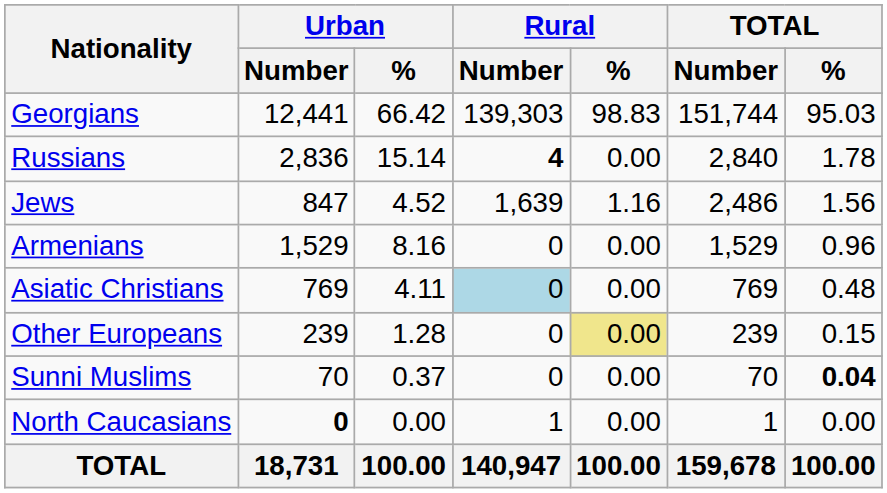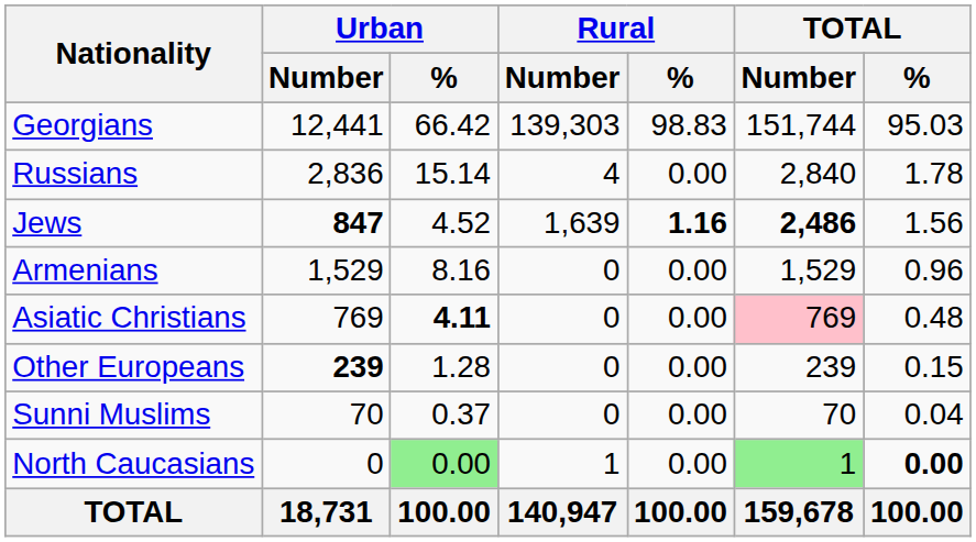 <table class="wikitable sortable">
 <tr>
 <th rowspan="2">Nationality</th>
 <th colspan="2"><a href='#'>Urban</a></th>
 <th colspan="2"><a href='#'>Rural</a></th>
 <th colspan="2">TOTAL</th>
 </tr>
 <tr>
 <th>Number</th>
 <th>%</th>
 <th>Number</th>
 <th>%</th>
 <th>Number</th>
 <th>%</th>
 </tr>
 <tr>
 <td><a href='#'>Georgians</a></td>
 <td align="right">12,441</td>
 <td align="right">66.42</td>
 <td align="right">139,303</td>
 <td align="right">98.83</td>
 <td align="right">151,744</td>
 <td align="right">95.03</td>
 </tr>
 <tr>
 <td><a href='#'>Russians</a></td>
 <td align="right">2,836</td>
 <td align="right">15.14</td>
-<td align="right"><strong>4</strong></td>
+<td align="right">4</td>
 <td align="right">0.00</td>
 <td align="right">2,840</td>
 <td align="right">1.78</td>
 </tr>
 <tr>
 <td><a href='#'>Jews</a></td>
-<td align="right">847</td>
+<td align="right"><strong>847</strong></td>
 <td align="right">4.52</td>
 <td align="right">1,639</td>
-<td align="right">1.16</td>
-<td align="right">2,486</td>
+<td align="right"><strong>1.16</strong></td>
+<td align="right"><strong>2,486</strong></td>
 <td align="right">1.56</td>
 </tr>
 <tr>
 <td><a href='#'>Armenians</a></td>
 <td align="right">1,529</td>
 <td align="right">8.16</td>
 <td align="right">0</td>
 <td align="right">0.00</td>
 <td align="right">1,529</td>
 <td align="right">0.96</td>
 </tr>
 <tr>
 <td><a href='#'>Asiatic Christians</a></td>
 <td align="right">769</td>
-<td align="right">4.11</td>
-<td align="right" style="background: lightblue;">0</td>
+<td align="right"><strong>4.11</strong></td>
+<td align="right">0</td>
 <td align="right">0.00</td>
-<td align="right">769</td>
+<td align="right" style="background: pink;">769</td>
 <td align="right">0.48</td>
 </tr>
 <tr>
 <td><a href='#'>Other Europeans</a></td>
-<td align="right">239</td>
+<td align="right"><strong>239</strong></td>
 <td align="right">1.28</td>
 <td align="right">0</td>
-<td align="right" style="background: khaki;">0.00</td>
+<td align="right">0.00</td>
 <td align="right">239</td>
 <td align="right">0.15</td>
 </tr>
 <tr>
 <td><a href='#'>Sunni Muslims</a></td>
 <td align="right">70</td>
 <td align="right">0.37</td>
 <td align="right">0</td>
 <td align="right">0.00</td>
 <td align="right">70</td>
-<td align="right"><strong>0.04</strong></td>
+<td align="right">0.04</td>
 </tr>
 <tr>
 <td><a href='#'>North Caucasians</a></td>
-<td align="right"><strong>0</strong></td>
-<td align="right">0.00</td>
+<td align="right">0</td>
+<td align="right" style="background: lightgreen;">0.00</td>
 <td align="right">1</td>
 <td align="right">0.00</td>
-<td align="right">1</td>
-<td align="right">0.00</td>
+<td align="right" style="background: lightgreen;">1</td>
+<td align="right"><strong>0.00</strong></td>
 </tr>
 <tr>
 <th>TOTAL</th>
 <th>18,731</th>
 <th>100.00</th>
 <th>140,947</th>
 <th>100.00</th>
 <th>159,678</th>
 <th>100.00</th>
 </tr>
 </table>
